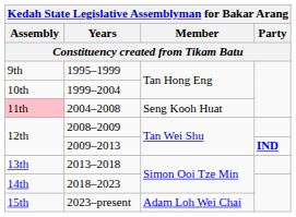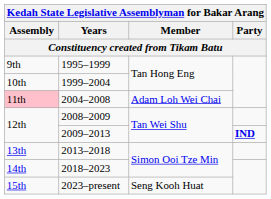 <table class="wikitable">
 <tr>
 <th colspan="4"><a href='#'>Kedah State Legislative Assemblyman</a> for Bakar Arang</th>
 </tr>
 <tr>
 <th>Assembly</th>
 <th>Years</th>
 <th>Member</th>
 <th>Party</th>
 </tr>
 <tr>
 <th colspan="4" align="center"><em>Constituency created from Tikam Batu</em></th>
 </tr>
 <tr>
 <td>9th</td>
 <td>1995–1999</td>
 <td rowspan="2">Tan Hong Eng</td>
 <td rowspan="3"></td>
 </tr>
 <tr>
 <td>10th</td>
 <td>1999–2004</td>
 </tr>
 <tr>
 <td style="background: pink;">11th</td>
 <td>2004–2008</td>
-<td>Seng Kooh Huat</td>
+<td><a href='#'>Adam Loh Wei Chai</a></td>
 </tr>
 <tr>
 <td rowspan="2">12th</td>
 <td>2008–2009</td>
 <td rowspan="2"><a href='#'>Tan Wei Shu</a></td>
 <td></td>
 </tr>
 <tr>
 <td>2009–2013</td>
 <td bgcolor=><strong><a href='#'>IND</a></strong></td>
 </tr>
 <tr>
 <td><a href='#'>13th</a></td>
 <td>2013–2018</td>
 <td rowspan="2"><a href='#'>Simon Ooi Tze Min</a></td>
 <td></td>
 </tr>
 <tr>
 <td><a href='#'>14th</a></td>
 <td>2018–2023</td>
 <td rowspan=2></td>
 </tr>
 <tr>
 <td><a href='#'>15th</a></td>
 <td>2023–present</td>
-<td><a href='#'>Adam Loh Wei Chai</a></td>
+<td>Seng Kooh Huat</td>
 </tr>
 </table>
